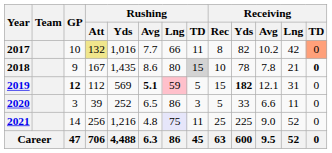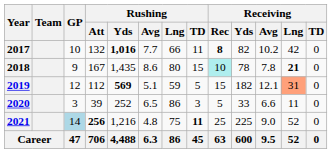 <table class="wikitable" style="text-align:center;">
 <tr>
 <th rowspan="2">Year</th>
 <th rowspan="2">Team</th>
 <th rowspan="2">GP</th>
 <th colspan="5">Rushing</th>
 <th colspan="5">Receiving</th>
 </tr>
 <tr>
 <th>Att</th>
 <th>Yds</th>
 <th>Avg</th>
 <th>Lng</th>
 <th>TD</th>
 <th>Rec</th>
 <th>Yds</th>
 <th>Avg</th>
 <th>Lng</th>
 <th>TD</th>
 </tr>
 <tr>
 <th>2017</th>
 <th><a href='#'></a></th>
 <td>10</td>
-<td style="background: khaki;">132</td>
-<td>1,016</td>
+<td>132</td>
+<td><strong>1,016</strong></td>
 <td>7.7</td>
 <td>66</td>
 <td>11</td>
-<td>8</td>
+<td><strong>8</strong></td>
 <td>82</td>
 <td>10.2</td>
 <td>42</td>
-<td style="background: lightsalmon;">0</td>
+<td>0</td>
 </tr>
 <tr>
 <th>2018</th>
 <th><a href='#'></a></th>
 <td>9</td>
 <td>167</td>
 <td>1,435</td>
 <td>8.6</td>
 <td>80</td>
-<td style="background: lightgrey;">15</td>
-<td>10</td>
+<td>15</td>
+<td style="background: paleturquoise;">10</td>
 <td>78</td>
 <td>7.8</td>
-<td>21</td>
-<td><strong>0</strong></td>
+<td><strong>21</strong></td>
+<td>0</td>
 </tr>
 <tr>
 <th><a href='#'>2019</a></th>
 <th><a href='#'></a></th>
-<td><strong>12</strong></td>
+<td>12</td>
 <td>112</td>
-<td>569</td>
-<td><strong>5.1</strong></td>
-<td style="background: pink;">59</td>
+<td><strong>569</strong></td>
+<td>5.1</td>
+<td>59</td>
 <td>5</td>
 <td>15</td>
-<td><strong>182</strong></td>
+<td>182</td>
 <td>12.1</td>
-<td>31</td>
+<td style="background: lightsalmon;">31</td>
 <td>0</td>
 </tr>
 <tr>
 <th><a href='#'>2020</a></th>
 <th><a href='#'></a></th>
 <td>3</td>
 <td>39</td>
 <td>252</td>
 <td>6.5</td>
 <td>86</td>
 <td>3</td>
 <td>5</td>
 <td>33</td>
 <td>6.6</td>
 <td>11</td>
 <td>0</td>
 </tr>
 <tr>
 <th><a href='#'>2021</a></th>
 <th><a href='#'></a></th>
-<td>14</td>
-<td>256</td>
+<td style="background: lightblue;">14</td>
+<td><strong>256</strong></td>
 <td>1,216</td>
 <td>4.8</td>
-<td style="background: lavender;">75</td>
-<td>11</td>
+<td>75</td>
+<td><strong>11</strong></td>
 <td>25</td>
 <td>225</td>
 <td>9.0</td>
 <td>52</td>
 <td>0</td>
 </tr>
 <tr>
 <th align=center colspan="2"> Career</th>
 <th>47</th>
 <th>706</th>
 <th>4,488</th>
 <th>6.3</th>
 <th>86</th>
 <th>45</th>
 <th>63</th>
 <th>600</th>
 <th>9.5</th>
 <th>52</th>
 <th>0</th>
 </tr>
 </table>
